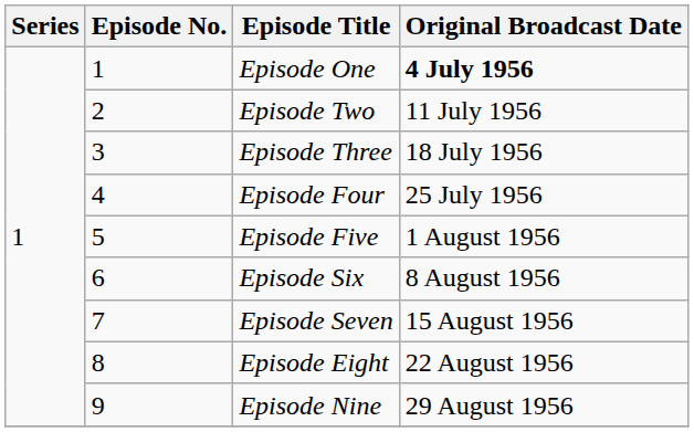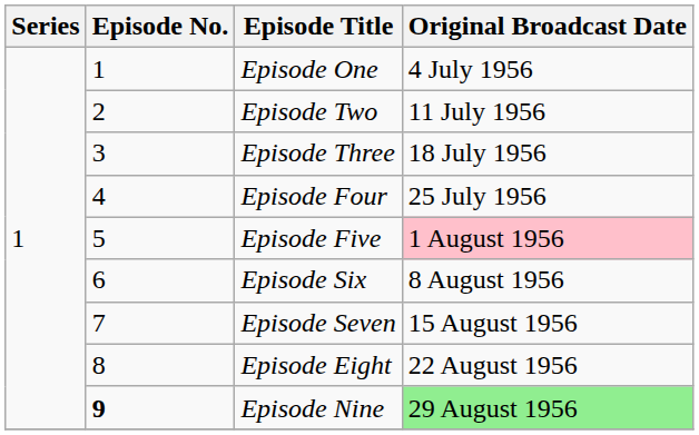 <table class="wikitable">
 <tr>
 <th>Series</th>
 <th>Episode No.</th>
 <th>Episode Title</th>
 <th>Original Broadcast Date</th>
 </tr>
 <tr>
 <td rowspan="9">1</td>
 <td>1</td>
 <td><em>Episode One</em></td>
-<td><strong>4 July 1956</strong></td>
+<td>4 July 1956</td>
 </tr>
 <tr>
 <td>2</td>
 <td><em>Episode Two</em></td>
 <td>11 July 1956</td>
 </tr>
 <tr>
 <td>3</td>
 <td><em>Episode Three</em></td>
 <td>18 July 1956</td>
 </tr>
 <tr>
 <td>4</td>
 <td><em>Episode Four</em></td>
 <td>25 July 1956</td>
 </tr>
 <tr>
 <td>5</td>
 <td><em>Episode Five</em></td>
-<td>1 August 1956</td>
+<td style="background: pink;">1 August 1956</td>
 </tr>
 <tr>
 <td>6</td>
 <td><em>Episode Six</em></td>
 <td>8 August 1956</td>
 </tr>
 <tr>
 <td>7</td>
 <td><em>Episode Seven</em></td>
 <td>15 August 1956</td>
 </tr>
 <tr>
 <td>8</td>
 <td><em>Episode Eight</em></td>
 <td>22 August 1956</td>
 </tr>
 <tr>
-<td>9</td>
+<td><strong>9</strong></td>
 <td><em>Episode Nine</em></td>
-<td>29 August 1956</td>
+<td style="background: lightgreen;">29 August 1956</td>
 </tr>
 <tr>
 </tr>
 </table>
